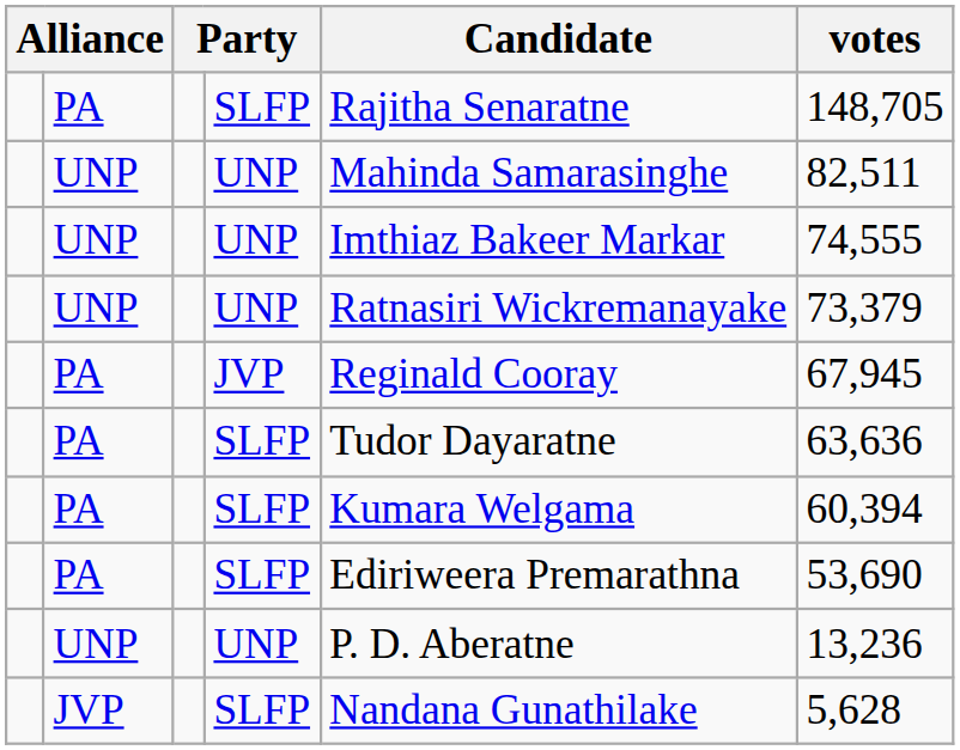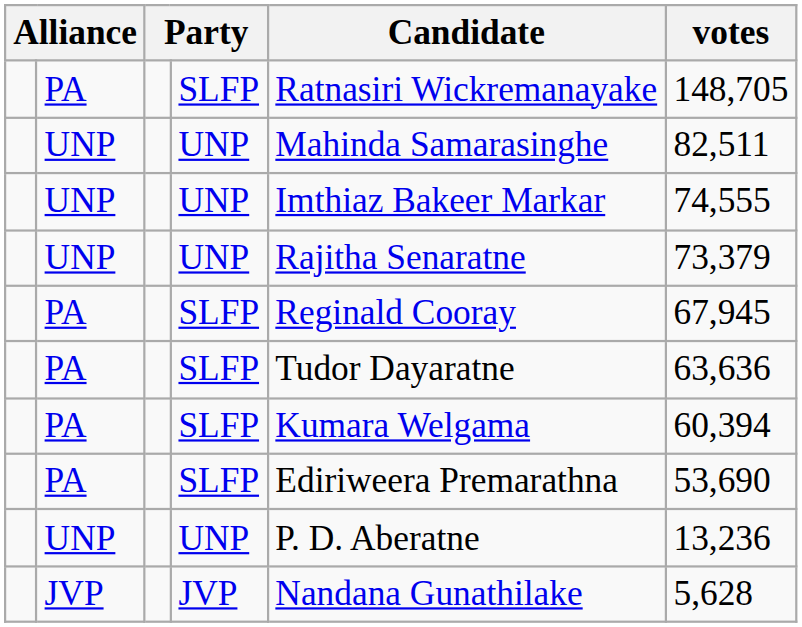 <table class="wikitable sortable mw-collapsible">
 <tr>
 <th colspan="2">Alliance</th>
 <th colspan="2">Party</th>
 <th>Candidate</th>
 <th>votes</th>
 </tr>
 <tr>
 <td bgcolor=> </td>
 <td align=left><a href='#'>PA</a></td>
 <td bgcolor=> </td>
 <td align=left><a href='#'>SLFP</a></td>
-<td><a href='#'>Rajitha Senaratne</a></td>
+<td><a href='#'>Ratnasiri Wickremanayake</a></td>
 <td>148,705</td>
 </tr>
 <tr>
 <td bgcolor=> </td>
 <td align=left><a href='#'>UNP</a></td>
 <td bgcolor=> </td>
 <td align=left><a href='#'>UNP</a></td>
 <td><a href='#'>Mahinda Samarasinghe</a></td>
 <td>82,511</td>
 </tr>
 <tr>
 <td bgcolor=> </td>
 <td align=left><a href='#'>UNP</a></td>
 <td bgcolor=> </td>
 <td align=left><a href='#'>UNP</a></td>
 <td><a href='#'>Imthiaz Bakeer Markar</a></td>
 <td>74,555</td>
 </tr>
 <tr>
 <td bgcolor=> </td>
 <td align=left><a href='#'>UNP</a></td>
 <td bgcolor=> </td>
 <td align=left><a href='#'>UNP</a></td>
-<td><a href='#'>Ratnasiri Wickremanayake</a></td>
+<td><a href='#'>Rajitha Senaratne</a></td>
 <td>73,379</td>
 </tr>
 <tr>
 <td bgcolor=> </td>
 <td align=left><a href='#'>PA</a></td>
 <td bgcolor=> </td>
-<td align=left><a href='#'>JVP</a></td>
+<td align=left><a href='#'>SLFP</a></td>
 <td><a href='#'>Reginald Cooray</a></td>
 <td>67,945</td>
 </tr>
 <tr>
 <td bgcolor=> </td>
 <td align=left><a href='#'>PA</a></td>
 <td bgcolor=> </td>
 <td align=left><a href='#'>SLFP</a></td>
 <td>Tudor Dayaratne</td>
 <td>63,636</td>
 </tr>
 <tr>
 <td bgcolor=> </td>
 <td align=left><a href='#'>PA</a></td>
 <td bgcolor=> </td>
 <td align=left><a href='#'>SLFP</a></td>
 <td><a href='#'>Kumara Welgama</a></td>
 <td>60,394</td>
 </tr>
 <tr>
 <td bgcolor=> </td>
 <td align=left><a href='#'>PA</a></td>
 <td bgcolor=> </td>
 <td align=left><a href='#'>SLFP</a></td>
 <td>Ediriweera Premarathna</td>
 <td>53,690</td>
 </tr>
 <tr>
 <td bgcolor=> </td>
 <td align=left><a href='#'>UNP</a></td>
 <td bgcolor=> </td>
 <td align=left><a href='#'>UNP</a></td>
 <td>P. D. Aberatne</td>
 <td>13,236</td>
 </tr>
 <tr>
 <td bgcolor=> </td>
 <td align=left><a href='#'>JVP</a></td>
 <td bgcolor=> </td>
-<td align=left><a href='#'>SLFP</a></td>
+<td align=left><a href='#'>JVP</a></td>
 <td><a href='#'>Nandana Gunathilake</a></td>
 <td>5,628</td>
 </tr>
 </table>
